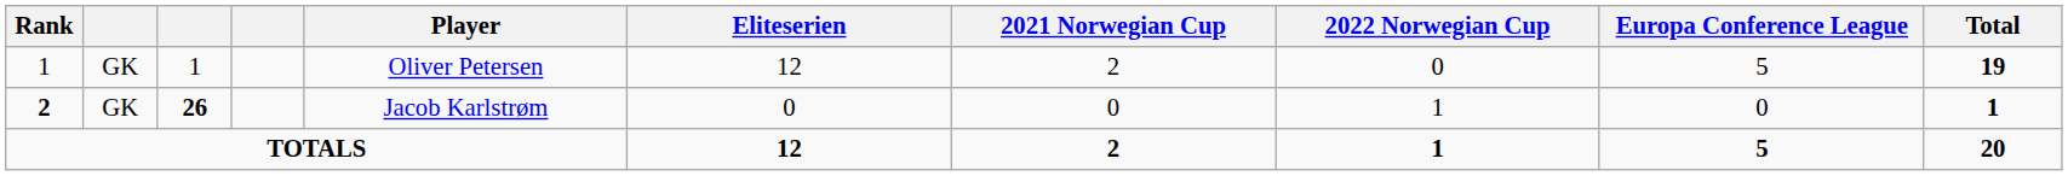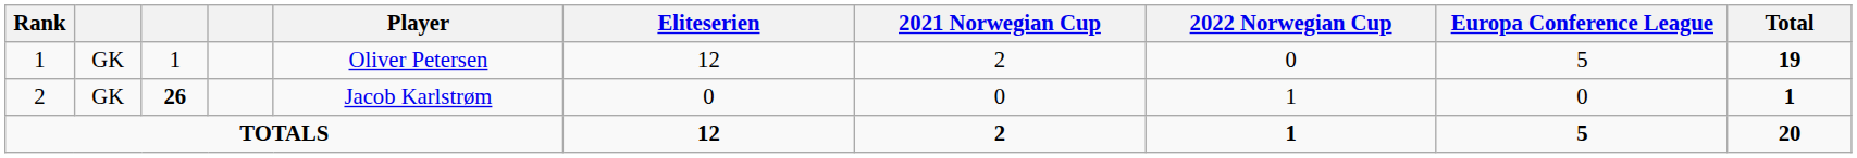 <table class="wikitable" style="font-size: 95%; text-align: center;">
 <tr>
 <th width=40>Rank</th>
 <th width=40></th>
 <th width=40></th>
 <th width=40></th>
 <th width=200>Player</th>
 <th width=200><a href='#'>Eliteserien</a></th>
 <th width=200><a href='#'>2021 Norwegian Cup</a></th>
 <th width=200><a href='#'>2022 Norwegian Cup</a></th>
 <th width=200><a href='#'>Europa Conference League</a></th>
 <th width=80><strong>Total</strong></th>
 </tr>
 <tr>
 <td>1</td>
 <td>GK</td>
 <td>1</td>
 <td></td>
 <td><a href='#'>Oliver Petersen</a></td>
 <td>12</td>
 <td>2</td>
 <td>0</td>
 <td>5</td>
 <td><strong>19</strong></td>
 </tr>
 <tr>
-<td><strong>2</strong></td>
+<td>2</td>
 <td>GK</td>
 <td><strong>26</strong></td>
 <td></td>
 <td><a href='#'>Jacob Karlstrøm</a></td>
 <td>0</td>
 <td>0</td>
 <td>1</td>
 <td>0</td>
 <td><strong>1</strong></td>
 </tr>
 <tr>
 <td colspan="5"><strong>TOTALS</strong></td>
 <td><strong>12</strong></td>
 <td><strong>2</strong></td>
 <td><strong>1</strong></td>
 <td><strong>5</strong></td>
 <td><strong>20</strong></td>
 </tr>
 </table>
